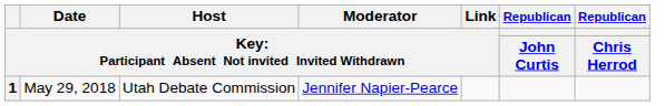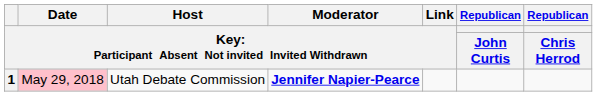 <table class="wikitable" style="text-align:center;">
 <tr>
 <th scope="col"></th>
 <th scope="col">Date</th>
 <th scope="col">Host</th>
 <th scope="col">Moderator</th>
 <th scope="col">Link</th>
 <th scope="col"><small><a href='#'>Republican</a></small></th>
 <th scope="col"><small><a href='#'>Republican</a></small></th>
 </tr>
 <tr>
 <th colspan="5" rowspan="2">Key:<br> <small>Participant </small>  <small>Absent </small>  <small>Not invited </small>  <small>Invited  Withdrawn</small></th>
 <th scope="col" style="background:"></th>
 <th scope="col" style="background:"></th>
 </tr>
 <tr>
 <th scope="col"><a href='#'>John Curtis</a></th>
 <th scope="col"><a href='#'>Chris Herrod</a></th>
 </tr>
 <tr>
 <th>1</th>
-<td style="white-space:nowrap;">May 29, 2018</td>
+<td style="background: pink; white-space:nowrap;">May 29, 2018</td>
 <td style="white-space:nowrap;">Utah Debate Commission</td>
-<td style="white-space:nowrap;"><a href='#'>Jennifer Napier-Pearce</a></td>
+<td style="white-space:nowrap;"><strong><a href='#'>Jennifer Napier-Pearce</a></strong></td>
 <td style="white-space:nowrap;"></td>
 <td></td>
 <td></td>
 </tr>
 </table>
